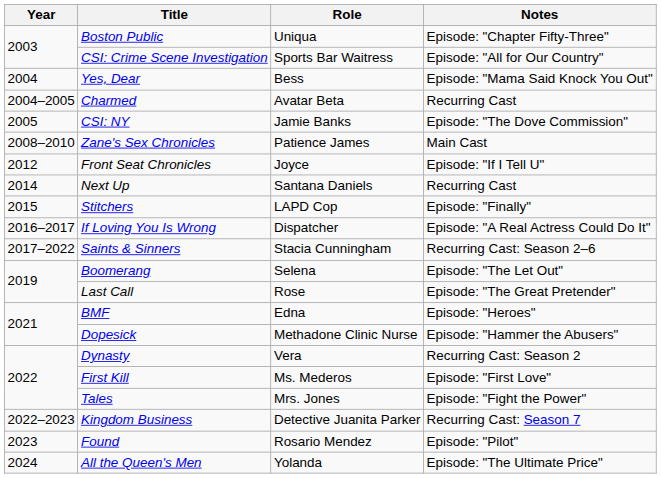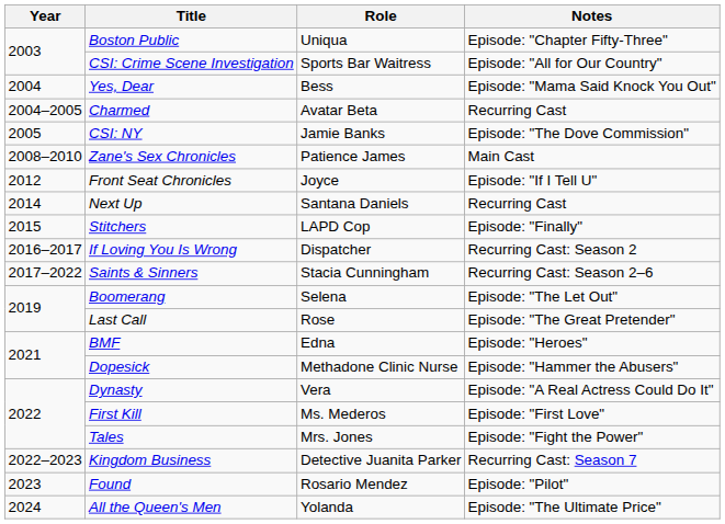 <table class="wikitable plainrowheaders sortable" style="margin-right: 0;">
 <tr>
 <th>Year</th>
 <th>Title</th>
 <th>Role</th>
 <th>Notes</th>
 </tr>
 <tr>
 <td rowspan=2>2003</td>
 <td><em><a href='#'>Boston Public</a></em></td>
 <td>Uniqua</td>
 <td>Episode: "Chapter Fifty-Three"</td>
 </tr>
 <tr>
 <td><em><a href='#'>CSI: Crime Scene Investigation</a></em></td>
 <td>Sports Bar Waitress</td>
 <td>Episode: "All for Our Country"</td>
 </tr>
 <tr>
 <td>2004</td>
 <td><em><a href='#'>Yes, Dear</a></em></td>
 <td>Bess</td>
 <td>Episode: "Mama Said Knock You Out"</td>
 </tr>
 <tr>
 <td>2004–2005</td>
 <td><em><a href='#'>Charmed</a></em></td>
 <td>Avatar Beta</td>
 <td>Recurring Cast</td>
 </tr>
 <tr>
 <td>2005</td>
 <td><em><a href='#'>CSI: NY</a></em></td>
 <td>Jamie Banks</td>
 <td>Episode: "The Dove Commission"</td>
 </tr>
 <tr>
 <td>2008–2010</td>
 <td><em><a href='#'>Zane's Sex Chronicles</a></em></td>
 <td>Patience James</td>
 <td>Main Cast</td>
 </tr>
 <tr>
 <td>2012</td>
 <td><em>Front Seat Chronicles</em></td>
 <td>Joyce</td>
 <td>Episode: "If I Tell U"</td>
 </tr>
 <tr>
 <td>2014</td>
 <td><em>Next Up</em></td>
 <td>Santana Daniels</td>
 <td>Recurring Cast</td>
 </tr>
 <tr>
 <td>2015</td>
 <td><em><a href='#'>Stitchers</a></em></td>
 <td>LAPD Cop</td>
 <td>Episode: "Finally"</td>
 </tr>
 <tr>
 <td>2016–2017</td>
 <td><em><a href='#'>If Loving You Is Wrong</a></em></td>
 <td>Dispatcher</td>
-<td>Episode: "A Real Actress Could Do It"</td>
+<td>Recurring Cast: Season 2</td>
 </tr>
 <tr>
 <td>2017–2022</td>
 <td><em><a href='#'>Saints & Sinners</a></em></td>
 <td>Stacia Cunningham</td>
 <td>Recurring Cast: Season 2–6</td>
 </tr>
 <tr>
 <td rowspan=2>2019</td>
 <td><em><a href='#'>Boomerang</a></em></td>
 <td>Selena</td>
 <td>Episode: "The Let Out"</td>
 </tr>
 <tr>
 <td><em>Last Call</em></td>
 <td>Rose</td>
 <td>Episode: "The Great Pretender"</td>
 </tr>
 <tr>
 <td rowspan=2>2021</td>
 <td><em><a href='#'>BMF</a></em></td>
 <td>Edna</td>
 <td>Episode: "Heroes"</td>
 </tr>
 <tr>
 <td><em><a href='#'>Dopesick</a></em></td>
 <td>Methadone Clinic Nurse</td>
 <td>Episode: "Hammer the Abusers"</td>
 </tr>
 <tr>
 <td rowspan=3>2022</td>
 <td><em><a href='#'>Dynasty</a></em></td>
 <td>Vera</td>
-<td>Recurring Cast: Season 2</td>
+<td>Episode: "A Real Actress Could Do It"</td>
 </tr>
 <tr>
 <td><em><a href='#'>First Kill</a></em></td>
 <td>Ms. Mederos</td>
 <td>Episode: "First Love"</td>
 </tr>
 <tr>
 <td><em><a href='#'>Tales</a></em></td>
 <td>Mrs. Jones</td>
 <td>Episode: "Fight the Power"</td>
 </tr>
 <tr>
 <td>2022–2023</td>
 <td><em><a href='#'>Kingdom Business</a></em></td>
 <td>Detective Juanita Parker</td>
 <td>Recurring Cast: <a href='#'>Season 7</a></td>
 </tr>
 <tr>
 <td>2023</td>
 <td><em><a href='#'>Found</a></em></td>
 <td>Rosario Mendez</td>
 <td>Episode: "Pilot"</td>
 </tr>
 <tr>
 <td>2024</td>
 <td><em><a href='#'>All the Queen's Men</a></em></td>
 <td>Yolanda</td>
 <td>Episode: "The Ultimate Price"</td>
 </tr>
 </table>
